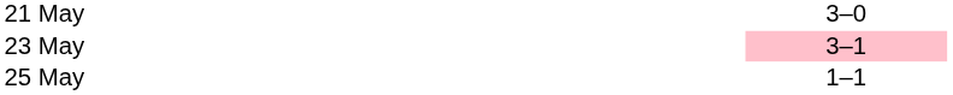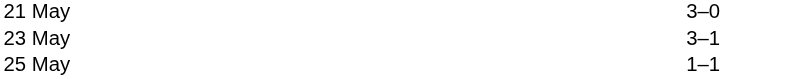 <table cellspacing=1 width=70%>
 <tr>
 <th width=25%></th>
 <th width=30%></th>
 <th width=15%></th>
 <th width=30%></th>
 </tr>
 <tr>
 <td>21 May</td>
 <td align=right></td>
 <td align=center>3–0</td>
 <td></td>
 </tr>
 <tr>
 <td>23 May</td>
 <td align=right></td>
-<td align=center style="background: pink;">3–1</td>
+<td align=center>3–1</td>
 <td></td>
 </tr>
 <tr>
 <td>25 May</td>
 <td align=right></td>
 <td align=center>1–1</td>
 <td></td>
 </tr>
 </table>
